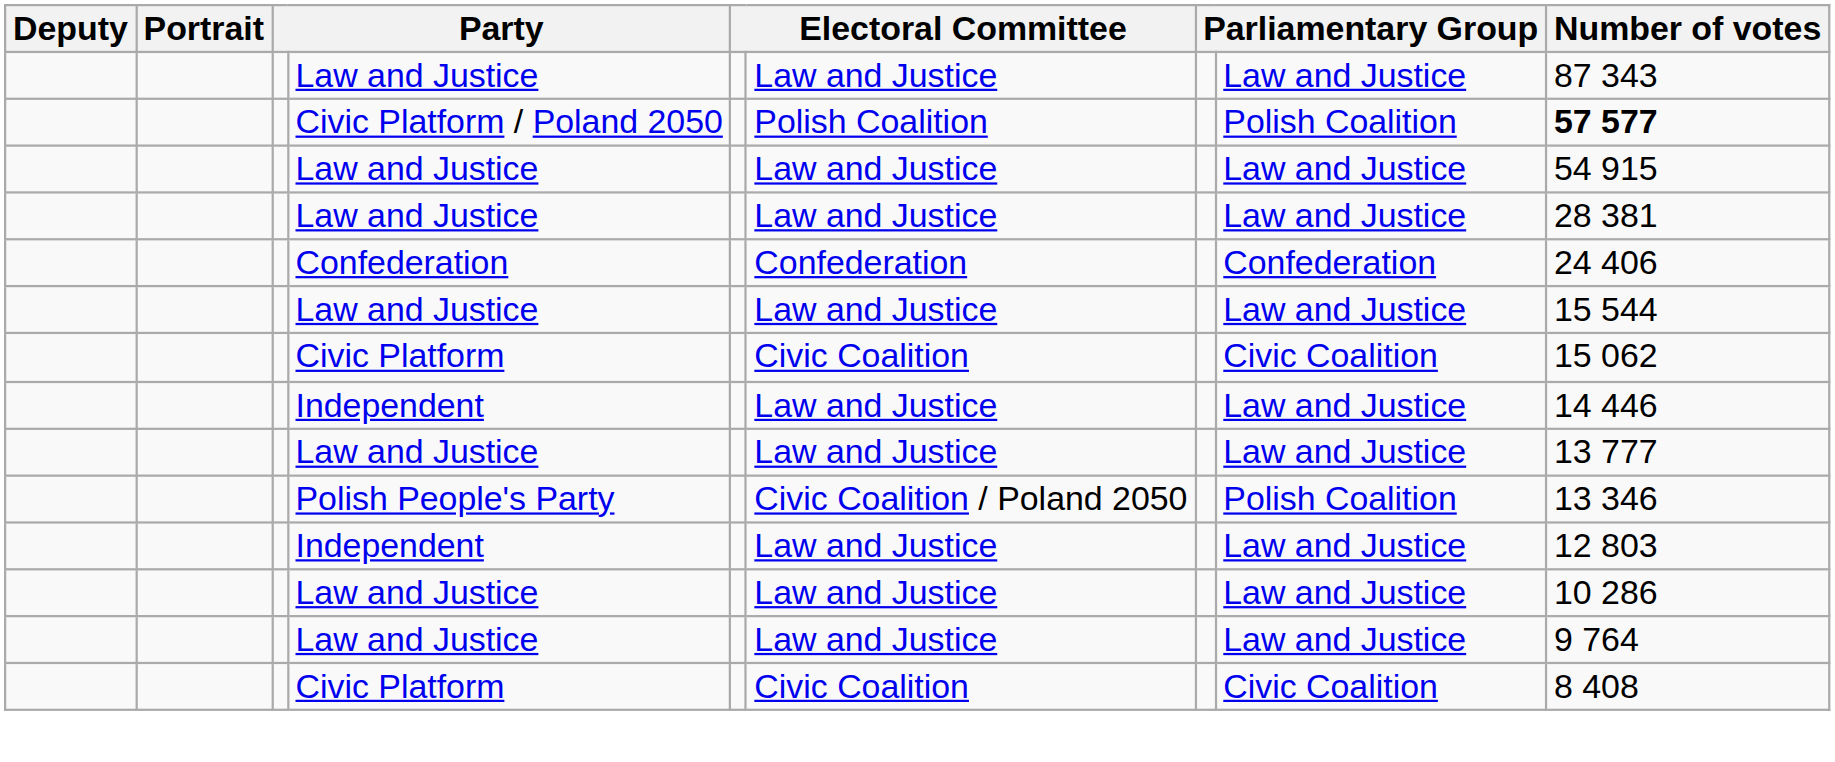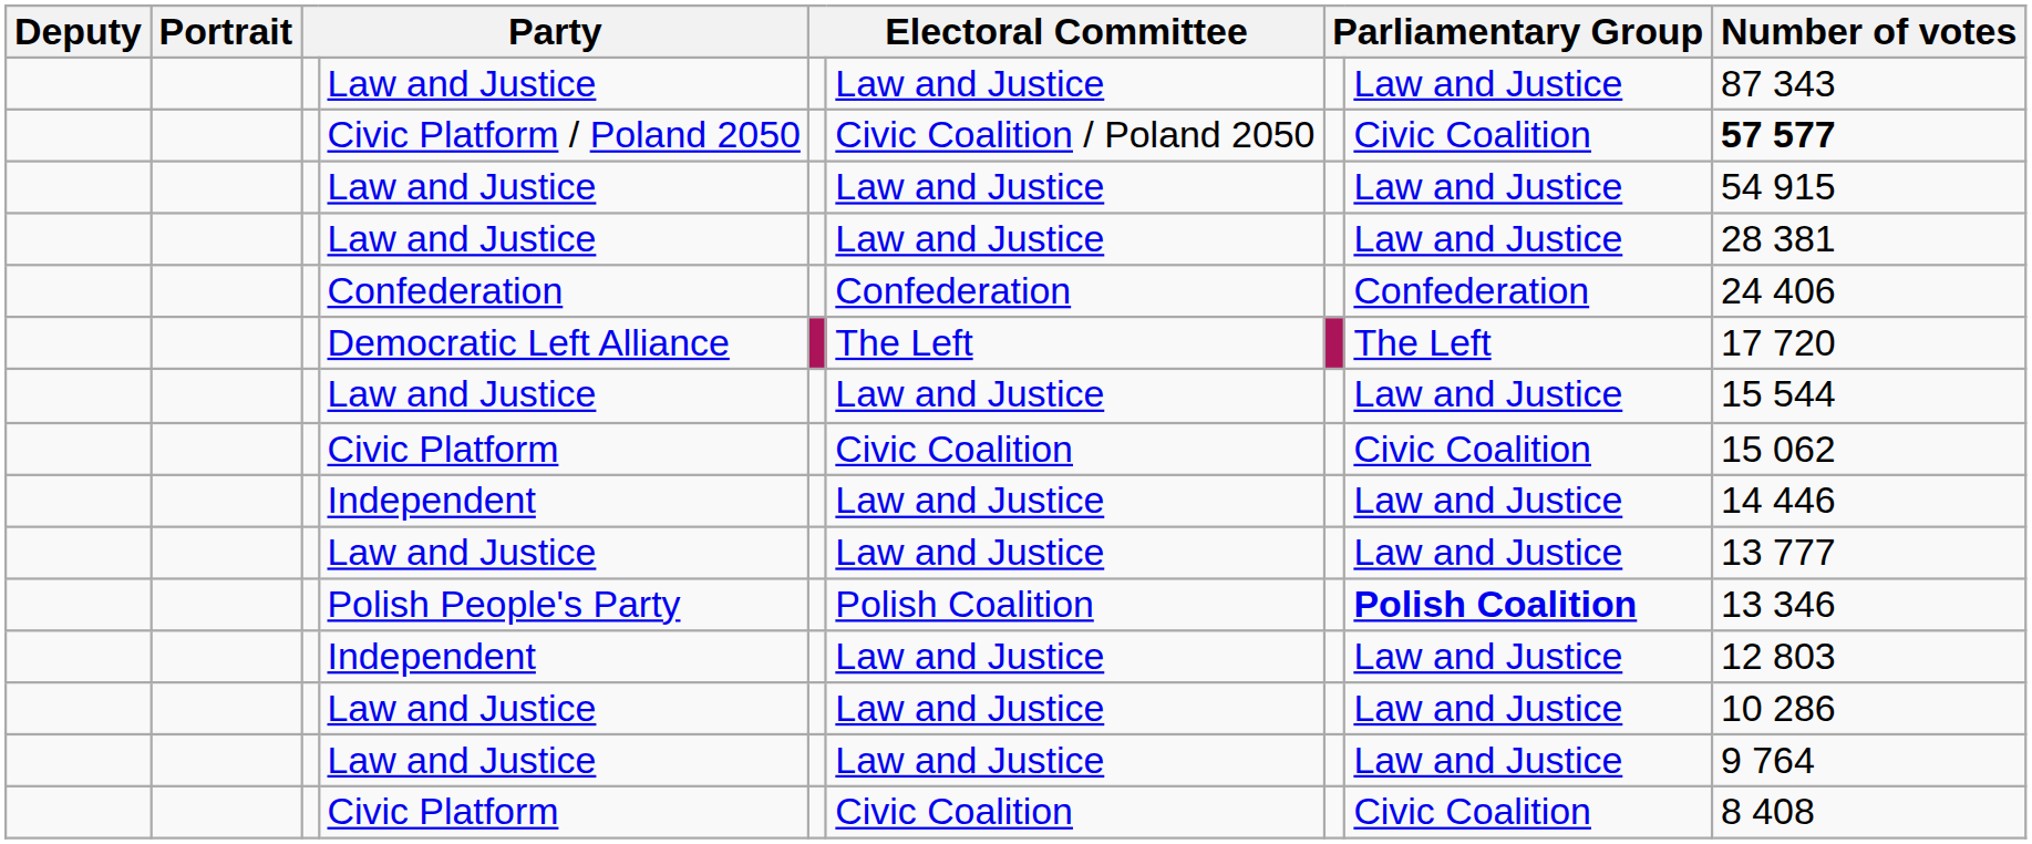 <table class="wikitable sortable" style="font-size:95%;line-height:14px;">
 <tr>
 <th>Deputy</th>
 <th>Portrait</th>
 <th colspan="2">Party</th>
 <th colspan="2">Electoral Committee</th>
 <th colspan="2">Parliamentary Group</th>
 <th>Number of votes</th>
 </tr>
 <tr>
 <td></td>
 <td></td>
 <td style="background:"></td>
 <td><a href='#'>Law and Justice</a></td>
 <td style="background:"></td>
 <td><a href='#'>Law and Justice</a></td>
 <td style="background:"></td>
 <td><a href='#'>Law and Justice</a></td>
 <td>87 343</td>
 </tr>
 <tr>
 <td></td>
 <td></td>
 <td style="background:"></td>
 <td><a href='#'>Civic Platform</a> / <a href='#'>Poland 2050</a></td>
 <td style="background:"></td>
-<td><a href='#'>Polish Coalition</a></td>
+<td><a href='#'>Civic Coalition</a> / Poland 2050</td>
 <td style="background:"></td>
-<td><a href='#'>Polish Coalition</a></td>
+<td><a href='#'>Civic Coalition</a></td>
 <td><strong>57 577</strong></td>
 </tr>
 <tr>
 <td></td>
 <td></td>
 <td style="background:"></td>
 <td><a href='#'>Law and Justice</a></td>
 <td style="background:"></td>
 <td><a href='#'>Law and Justice</a></td>
 <td style="background:"></td>
 <td><a href='#'>Law and Justice</a></td>
 <td>54 915</td>
 </tr>
 <tr>
 <td></td>
 <td></td>
 <td style="background:"></td>
 <td><a href='#'>Law and Justice</a></td>
 <td style="background:"></td>
 <td><a href='#'>Law and Justice</a></td>
 <td style="background:"></td>
 <td><a href='#'>Law and Justice</a></td>
 <td>28 381</td>
 </tr>
 <tr>
 <td></td>
 <td></td>
 <td style="background:"></td>
 <td><a href='#'>Confederation</a></td>
 <td style="background:"></td>
 <td><a href='#'>Confederation</a></td>
 <td style="background:"></td>
 <td><a href='#'>Confederation</a></td>
 <td>24 406</td>
+</tr>
+<tr>
+<td></td>
+<td></td>
+<td style="background:"></td>
+<td><a href='#'>Democratic Left Alliance</a></td>
+<td style="background:#AC145A;"></td>
+<td><a href='#'>The Left</a></td>
+<td style="background:#AC145A;"></td>
+<td><a href='#'>The Left</a></td>
+<td>17 720</td>
 </tr>
 <tr>
 <td></td>
 <td></td>
 <td style="background:"></td>
 <td><a href='#'>Law and Justice</a></td>
 <td style="background:"></td>
 <td><a href='#'>Law and Justice</a></td>
 <td style="background:"></td>
 <td><a href='#'>Law and Justice</a></td>
 <td>15 544</td>
 </tr>
 <tr>
 <td></td>
 <td></td>
 <td style="background:"></td>
 <td><a href='#'>Civic Platform</a></td>
 <td style="background:"></td>
 <td><a href='#'>Civic Coalition</a></td>
 <td style="background:"></td>
 <td><a href='#'>Civic Coalition</a></td>
 <td>15 062</td>
 </tr>
 <tr>
 <td></td>
 <td></td>
 <td style="background:"></td>
 <td><a href='#'>Independent</a></td>
 <td style="background:"></td>
 <td><a href='#'>Law and Justice</a></td>
 <td style="background:"></td>
 <td><a href='#'>Law and Justice</a></td>
 <td>14 446</td>
 </tr>
 <tr>
 <td></td>
 <td></td>
 <td style="background:"></td>
 <td><a href='#'>Law and Justice</a></td>
 <td style="background:"></td>
 <td><a href='#'>Law and Justice</a></td>
 <td style="background:"></td>
 <td><a href='#'>Law and Justice</a></td>
 <td>13 777</td>
 </tr>
 <tr>
 <td></td>
 <td></td>
 <td style="background:"></td>
 <td><a href='#'>Polish People's Party</a></td>
 <td style="background:"></td>
-<td><a href='#'>Civic Coalition</a> / Poland 2050</td>
+<td><a href='#'>Polish Coalition</a></td>
 <td style="background:"></td>
-<td><a href='#'>Polish Coalition</a></td>
+<td><strong><a href='#'>Polish Coalition</a></strong></td>
 <td>13 346</td>
 </tr>
 <tr>
 <td></td>
 <td></td>
 <td style="background:"></td>
 <td><a href='#'>Independent</a></td>
 <td style="background:"></td>
 <td><a href='#'>Law and Justice</a></td>
 <td style="background:"></td>
 <td><a href='#'>Law and Justice</a></td>
 <td>12 803</td>
 </tr>
 <tr>
 <td></td>
 <td></td>
 <td style="background:"></td>
 <td><a href='#'>Law and Justice</a></td>
 <td style="background:"></td>
 <td><a href='#'>Law and Justice</a></td>
 <td style="background:"></td>
 <td><a href='#'>Law and Justice</a></td>
 <td>10 286</td>
 </tr>
 <tr>
 <td></td>
 <td></td>
 <td style="background:"></td>
 <td><a href='#'>Law and Justice</a></td>
 <td style="background:"></td>
 <td><a href='#'>Law and Justice</a></td>
 <td style="background:"></td>
 <td><a href='#'>Law and Justice</a></td>
 <td>9 764</td>
 </tr>
 <tr>
 <td></td>
 <td></td>
 <td style="background:"></td>
 <td><a href='#'>Civic Platform</a></td>
 <td style="background:"></td>
 <td><a href='#'>Civic Coalition</a></td>
 <td style="background:"></td>
 <td><a href='#'>Civic Coalition</a></td>
 <td>8 408</td>
 </tr>
 </table>
